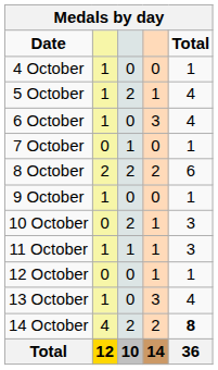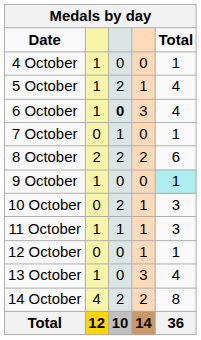 <table class="wikitable">
 <tr align=center>
 <th colspan=7><strong>Medals by day</strong></th>
 </tr>
 <tr align=center>
 <td><strong>Date</strong></td>
 <td bgcolor=#f7f6a8></td>
 <td bgcolor=#dce5e5></td>
 <td bgcolor=#ffdab9></td>
 <td><strong>Total</strong></td>
 </tr>
 <tr align=center>
 <td>4 October</td>
 <td style="background:#f7f6a8;">1</td>
 <td style="background:#dce5e5;">0</td>
 <td style="background:#ffdab9;">0</td>
 <td>1</td>
 </tr>
 <tr align=center>
 <td>5 October</td>
 <td style="background:#f7f6a8;">1</td>
 <td style="background:#dce5e5;">2</td>
 <td style="background:#ffdab9;">1</td>
 <td>4</td>
 </tr>
 <tr align=center>
 <td>6 October</td>
 <td style="background:#f7f6a8;">1</td>
-<td style="background:#dce5e5;">0</td>
+<td style="background:#dce5e5;"><strong>0</strong></td>
 <td style="background:#ffdab9;">3</td>
 <td>4</td>
 </tr>
 <tr align=center>
 <td>7 October</td>
 <td style="background:#f7f6a8;">0</td>
 <td style="background:#dce5e5;">1</td>
 <td style="background:#ffdab9;">0</td>
 <td>1</td>
 </tr>
 <tr align=center>
 <td>8 October</td>
 <td style="background:#f7f6a8;">2</td>
 <td style="background:#dce5e5;">2</td>
 <td style="background:#ffdab9;">2</td>
 <td>6</td>
 </tr>
 <tr align=center>
 <td>9 October</td>
 <td style="background:#f7f6a8;">1</td>
 <td style="background:#dce5e5;">0</td>
 <td style="background:#ffdab9;">0</td>
-<td>1</td>
+<td style="background: paleturquoise;">1</td>
 </tr>
 <tr align=center>
 <td>10 October</td>
 <td style="background:#f7f6a8;">0</td>
 <td style="background:#dce5e5;">2</td>
 <td style="background:#ffdab9;">1</td>
 <td>3</td>
 </tr>
 <tr align=center>
 <td>11 October</td>
 <td style="background:#f7f6a8;">1</td>
 <td style="background:#dce5e5;">1</td>
 <td style="background:#ffdab9;">1</td>
 <td>3</td>
 </tr>
 <tr align=center>
 <td>12 October</td>
 <td style="background:#f7f6a8;">0</td>
 <td style="background:#dce5e5;">0</td>
 <td style="background:#ffdab9;">1</td>
 <td>1</td>
 </tr>
 <tr align=center>
 <td>13 October</td>
 <td style="background:#f7f6a8;">1</td>
 <td style="background:#dce5e5;">0</td>
 <td style="background:#ffdab9;">3</td>
 <td>4</td>
 </tr>
 <tr align=center>
 <td>14 October</td>
 <td style="background:#f7f6a8;">4</td>
 <td style="background:#dce5e5;">2</td>
 <td style="background:#ffdab9;">2</td>
-<td><strong>8</strong></td>
+<td>8</td>
 </tr>
 <tr align=center>
 <th><strong>Total</strong></th>
 <th style="background:gold;">12</th>
 <th style="background:silver;">10</th>
 <th style="background:#c96;">14</th>
 <th>36</th>
 </tr>
 </table>
